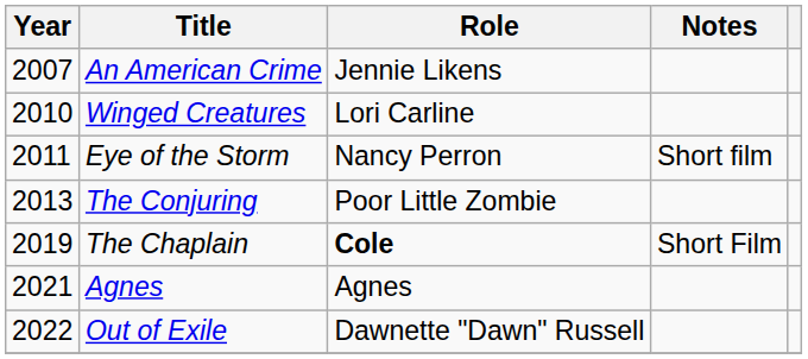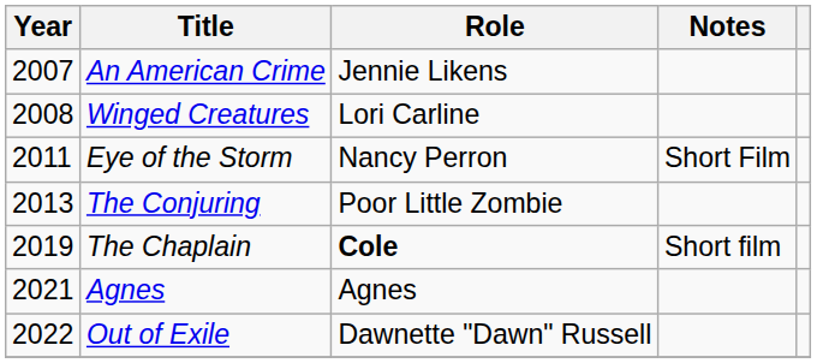 <table class="wikitable sortable">
 <tr>
 <th scope="col">Year</th>
 <th scope="col">Title</th>
 <th scope="col">Role</th>
 <th scope="col" class="unsortable">Notes</th>
 <th scope="col" class="unsortable"></th>
 </tr>
 <tr>
 <td>2007</td>
 <td><em><a href='#'>An American Crime</a></em></td>
 <td>Jennie Likens</td>
 <td></td>
 <td style="text-align:center;"></td>
 </tr>
 <tr>
-<td>2010</td>
+<td>2008</td>
 <td><em><a href='#'>Winged Creatures</a></em></td>
 <td>Lori Carline</td>
 <td></td>
 <td></td>
 </tr>
 <tr>
 <td>2011</td>
 <td><em>Eye of the Storm</em></td>
 <td>Nancy Perron</td>
-<td>Short film</td>
+<td>Short Film</td>
 <td></td>
 </tr>
 <tr>
 <td>2013</td>
 <td><em><a href='#'>The Conjuring</a></em></td>
 <td>Poor Little Zombie</td>
 <td></td>
 <td style="text-align:center;"></td>
 </tr>
 <tr>
 <td>2019</td>
 <td><em>The Chaplain</em></td>
 <td><strong>Cole</strong></td>
-<td>Short Film</td>
+<td>Short film</td>
 <td></td>
 </tr>
 <tr>
 <td>2021</td>
 <td><em><a href='#'>Agnes</a></em></td>
 <td>Agnes</td>
 <td></td>
 <td style="text-align:center;"></td>
 </tr>
 <tr>
 <td>2022</td>
 <td><em><a href='#'>Out of Exile</a></em></td>
 <td>Dawnette "Dawn" Russell</td>
 <td></td>
 <td style="text-align:center;"></td>
 </tr>
 <tr>
 </tr>
 </table>
